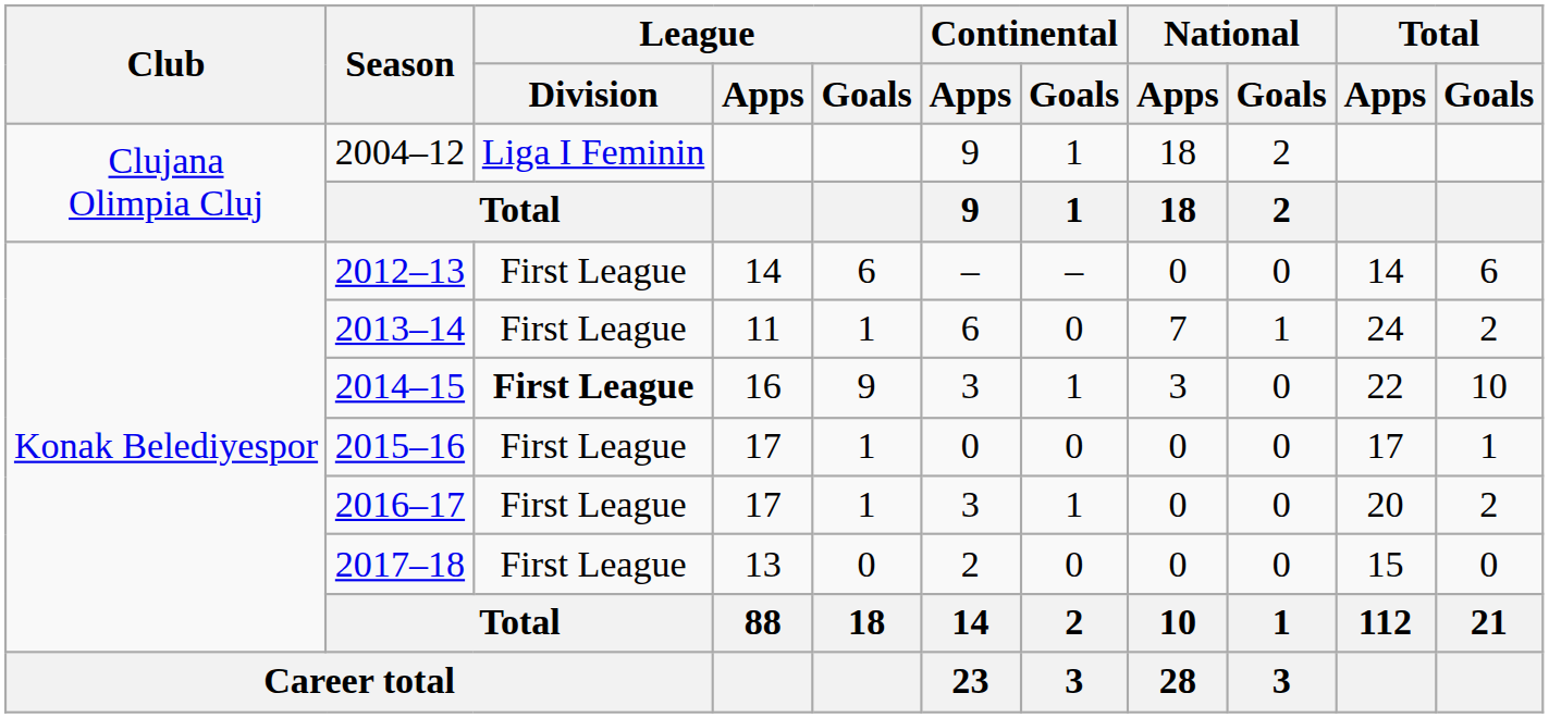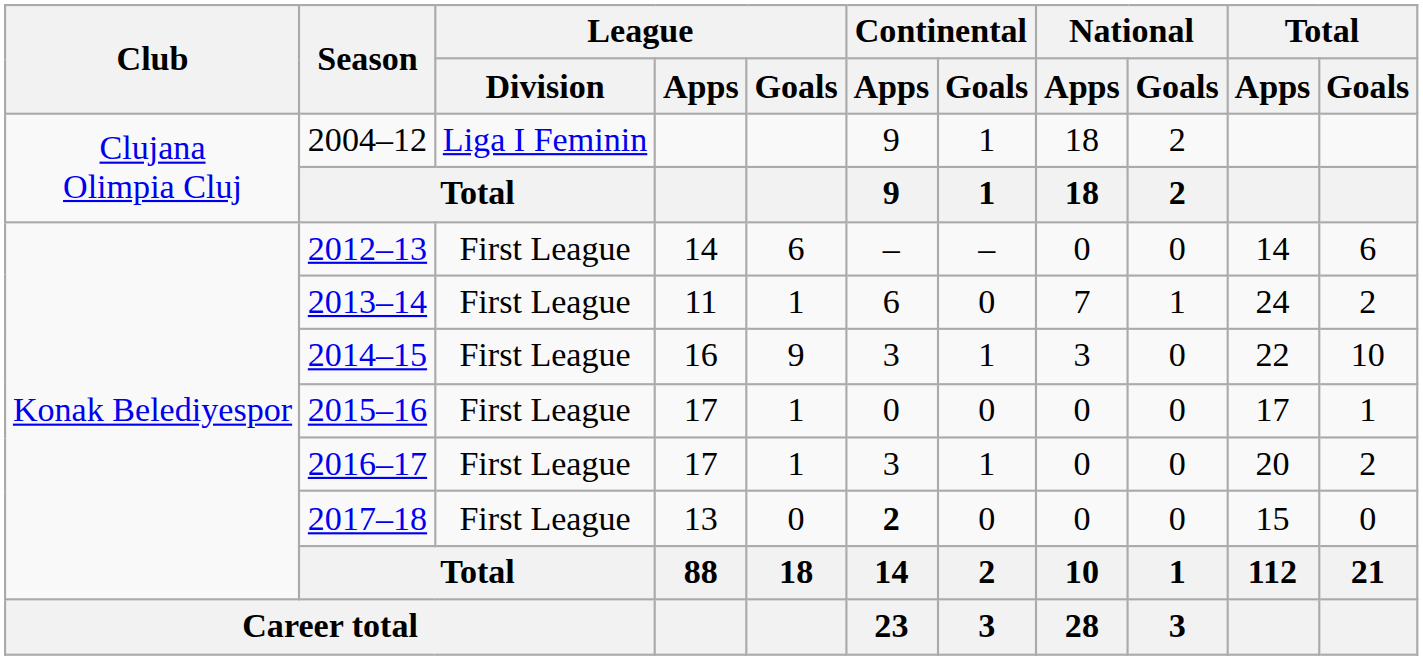 <table class="wikitable" style="text-align: center;">
 <tr>
 <th rowspan=2>Club</th>
 <th rowspan=2>Season</th>
 <th colspan=3>League</th>
 <th colspan=2>Continental</th>
 <th colspan=2>National</th>
 <th colspan=2>Total</th>
 </tr>
 <tr>
 <th>Division</th>
 <th>Apps</th>
 <th>Goals</th>
 <th>Apps</th>
 <th>Goals</th>
 <th>Apps</th>
 <th>Goals</th>
 <th>Apps</th>
 <th>Goals</th>
 </tr>
 <tr>
 <td rowspan=2><a href='#'>Clujana</a><br><a href='#'>Olimpia Cluj</a></td>
 <td>2004–12</td>
 <td><a href='#'>Liga I Feminin</a></td>
 <td></td>
 <td></td>
 <td>9</td>
 <td>1</td>
 <td>18</td>
 <td>2</td>
 <td></td>
 <td></td>
 </tr>
 <tr>
 <th colspan=2>Total</th>
 <th></th>
 <th></th>
 <th>9</th>
 <th>1</th>
 <th>18</th>
 <th>2</th>
 <th></th>
 <th></th>
 </tr>
 <tr>
 <td rowspan=7><a href='#'>Konak Belediyespor</a></td>
 <td><a href='#'>2012–13</a></td>
 <td>First League</td>
 <td>14</td>
 <td>6</td>
 <td>–</td>
 <td>–</td>
 <td>0</td>
 <td>0</td>
 <td>14</td>
 <td>6</td>
 </tr>
 <tr>
 <td><a href='#'>2013–14</a></td>
 <td>First League</td>
 <td>11</td>
 <td>1</td>
 <td>6</td>
 <td>0</td>
 <td>7</td>
 <td>1</td>
 <td>24</td>
 <td>2</td>
 </tr>
 <tr>
 <td><a href='#'>2014–15</a></td>
-<td><strong>First League</strong></td>
+<td>First League</td>
 <td>16</td>
 <td>9</td>
 <td>3</td>
 <td>1</td>
 <td>3</td>
 <td>0</td>
 <td>22</td>
 <td>10</td>
 </tr>
 <tr>
 <td><a href='#'>2015–16</a></td>
 <td>First League</td>
 <td>17</td>
 <td>1</td>
 <td>0</td>
 <td>0</td>
 <td>0</td>
 <td>0</td>
 <td>17</td>
 <td>1</td>
 </tr>
 <tr>
 <td><a href='#'>2016–17</a></td>
 <td>First League</td>
 <td>17</td>
 <td>1</td>
 <td>3</td>
 <td>1</td>
 <td>0</td>
 <td>0</td>
 <td>20</td>
 <td>2</td>
 </tr>
 <tr>
 <td><a href='#'>2017–18</a></td>
 <td>First League</td>
 <td>13</td>
 <td>0</td>
-<td>2</td>
+<td><strong>2</strong></td>
 <td>0</td>
 <td>0</td>
 <td>0</td>
 <td>15</td>
 <td>0</td>
 </tr>
 <tr>
 <th colspan=2>Total</th>
 <th>88</th>
 <th>18</th>
 <th>14</th>
 <th>2</th>
 <th>10</th>
 <th>1</th>
 <th>112</th>
 <th>21</th>
 </tr>
 <tr>
 <th colspan=3>Career total</th>
 <th></th>
 <th></th>
 <th>23</th>
 <th>3</th>
 <th>28</th>
 <th>3</th>
 <th></th>
 <th></th>
 </tr>
 </table>
